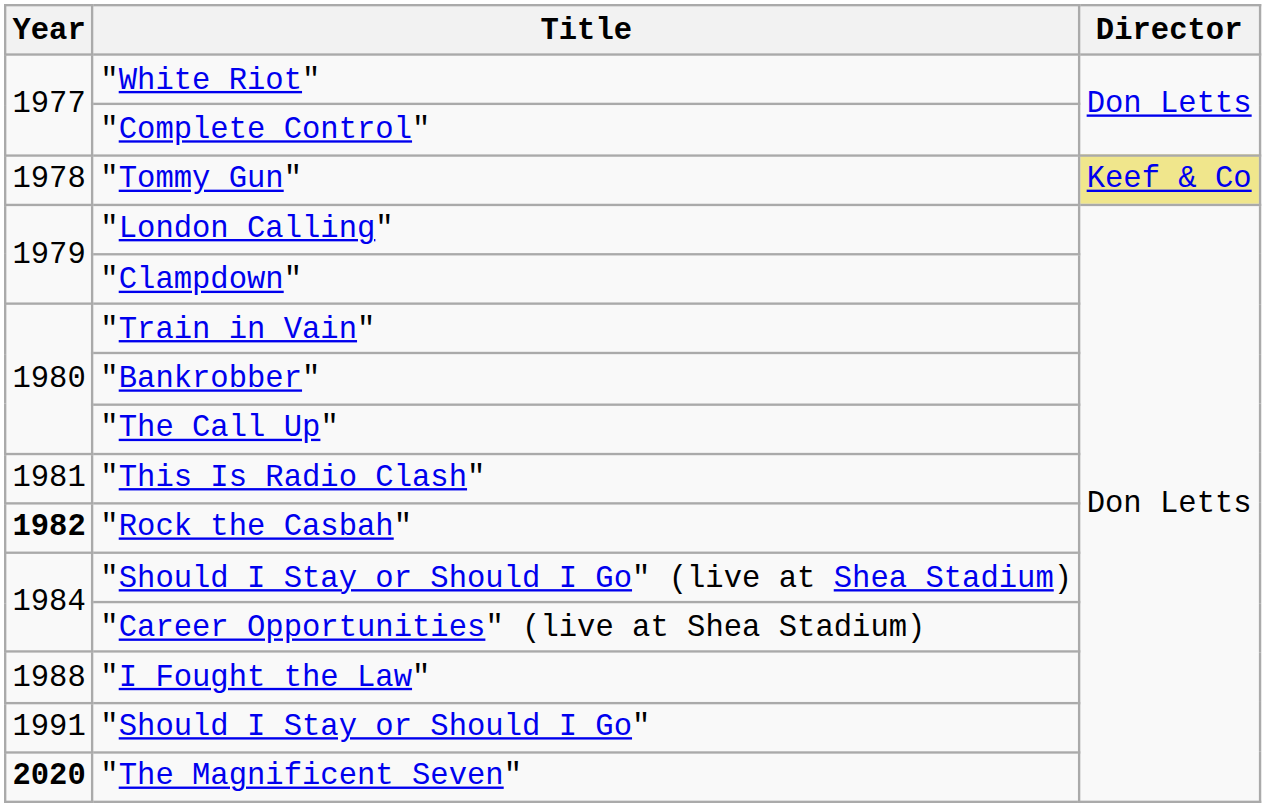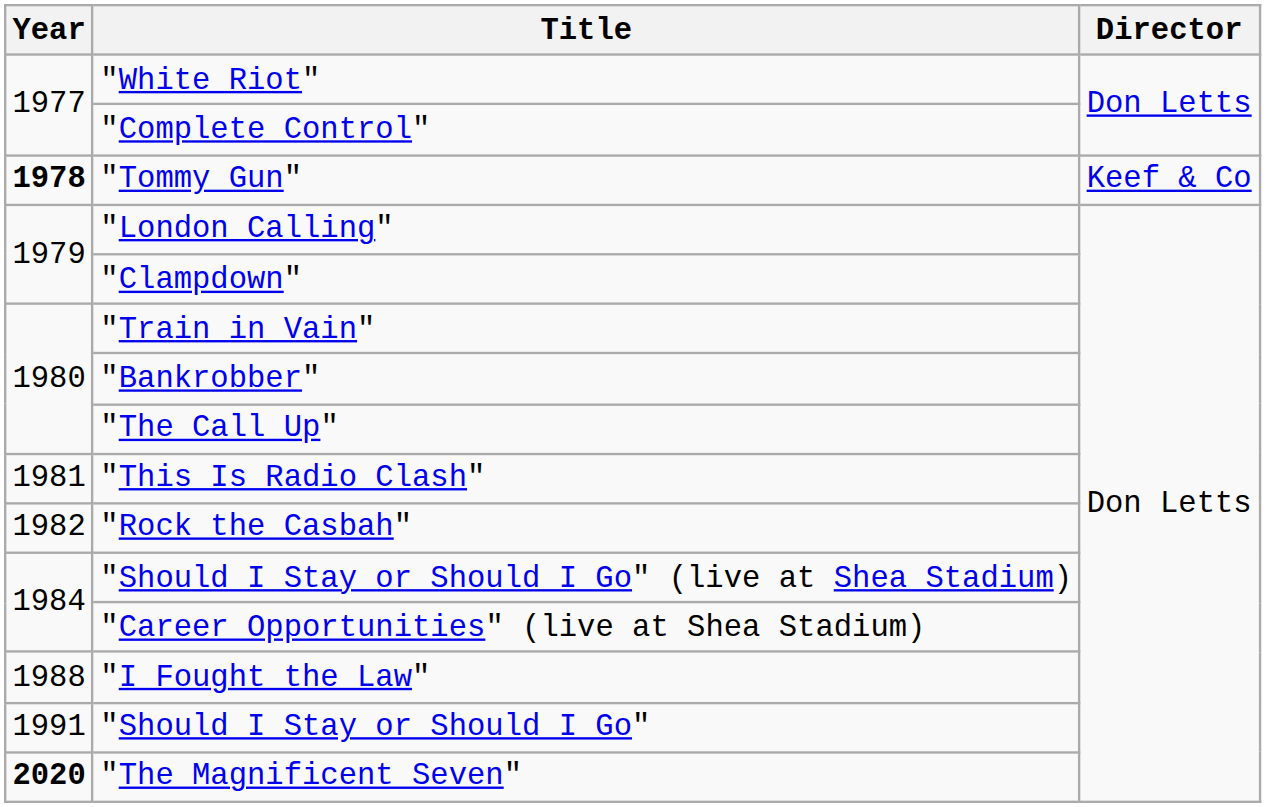 <table class="wikitable sortable">
 <tr>
 <th>Year</th>
 <th>Title</th>
 <th>Director</th>
 </tr>
 <tr>
 <td rowspan="2">1977</td>
 <td>"<a href='#'>White Riot</a>"</td>
 <td rowspan=2 data-sort-value"Letts, Don"><a href='#'>Don Letts</a></td>
 </tr>
 <tr>
 <td>"<a href='#'>Complete Control</a>"</td>
 </tr>
 <tr>
-<td>1978</td>
+<td><strong>1978</strong></td>
 <td>"<a href='#'>Tommy Gun</a>"</td>
-<td style="background: khaki;"><a href='#'>Keef & Co</a></td>
+<td><a href='#'>Keef & Co</a></td>
 </tr>
 <tr>
 <td rowspan="2">1979</td>
 <td>"<a href='#'>London Calling</a>"</td>
 <td rowspan=12=>Don Letts</td>
 </tr>
 <tr>
 <td>"<a href='#'>Clampdown</a>"</td>
 </tr>
 <tr>
 <td rowspan="3">1980</td>
 <td>"<a href='#'>Train in Vain</a>"</td>
 </tr>
 <tr>
 <td>"<a href='#'>Bankrobber</a>"</td>
 </tr>
 <tr>
 <td>"<a href='#'>The Call Up</a>"</td>
 </tr>
 <tr>
 <td>1981</td>
 <td>"<a href='#'>This Is Radio Clash</a>"</td>
 </tr>
 <tr>
-<td><strong>1982</strong></td>
+<td>1982</td>
 <td>"<a href='#'>Rock the Casbah</a>"</td>
 </tr>
 <tr>
 <td rowspan="2">1984</td>
 <td>"<a href='#'>Should I Stay or Should I Go</a>" (live at <a href='#'>Shea Stadium</a>)</td>
 </tr>
 <tr>
 <td>"<a href='#'>Career Opportunities</a>" (live at Shea Stadium)</td>
 </tr>
 <tr>
 <td>1988</td>
 <td>"<a href='#'>I Fought the Law</a>"</td>
 </tr>
 <tr>
 <td>1991</td>
 <td>"<a href='#'>Should I Stay or Should I Go</a>"</td>
 </tr>
 <tr>
 <td><strong>2020</strong></td>
 <td>"<a href='#'>The Magnificent Seven</a>"</td>
 </tr>
 </table>
